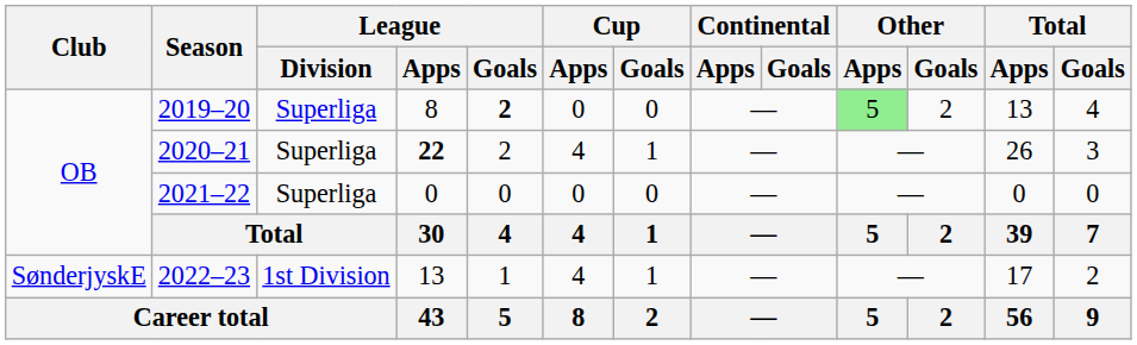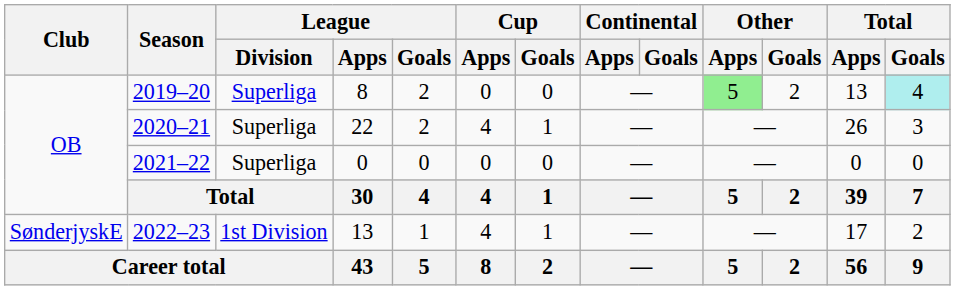 <table class="wikitable" style="text-align:center">
 <tr>
 <th rowspan="2">Club</th>
 <th rowspan="2">Season</th>
 <th colspan="3">League</th>
 <th colspan="2">Cup</th>
 <th colspan="2">Continental</th>
 <th colspan="2">Other</th>
 <th colspan="3">Total</th>
 </tr>
 <tr>
 <th>Division</th>
 <th>Apps</th>
 <th>Goals</th>
 <th>Apps</th>
 <th>Goals</th>
 <th>Apps</th>
 <th>Goals</th>
 <th>Apps</th>
 <th>Goals</th>
 <th>Apps</th>
 <th>Goals</th>
 </tr>
 <tr>
 <td rowspan="4"><a href='#'>OB</a></td>
 <td><a href='#'>2019–20</a></td>
 <td><a href='#'>Superliga</a></td>
 <td>8</td>
-<td><strong>2</strong></td>
+<td>2</td>
 <td>0</td>
 <td>0</td>
 <td colspan="2">—</td>
 <td style="background: lightgreen;">5</td>
 <td>2</td>
 <td>13</td>
-<td>4</td>
+<td style="background: paleturquoise;">4</td>
 </tr>
 <tr>
 <td><a href='#'>2020–21</a></td>
 <td>Superliga</td>
-<td><strong>22</strong></td>
+<td>22</td>
 <td>2</td>
 <td>4</td>
 <td>1</td>
 <td colspan="2">—</td>
 <td colspan="2">—</td>
 <td>26</td>
 <td>3</td>
 </tr>
 <tr>
 <td><a href='#'>2021–22</a></td>
 <td>Superliga</td>
 <td>0</td>
 <td>0</td>
 <td>0</td>
 <td>0</td>
 <td colspan="2">—</td>
 <td colspan="2">—</td>
 <td>0</td>
 <td>0</td>
 </tr>
 <tr>
 <th colspan="2">Total</th>
 <th>30</th>
 <th>4</th>
 <th>4</th>
 <th>1</th>
 <th colspan="2">—</th>
 <th>5</th>
 <th>2</th>
 <th>39</th>
 <th>7</th>
 </tr>
 <tr>
 <td><a href='#'>SønderjyskE</a></td>
 <td><a href='#'>2022–23</a></td>
 <td><a href='#'>1st Division</a></td>
 <td>13</td>
 <td>1</td>
 <td>4</td>
 <td>1</td>
 <td colspan="2">—</td>
 <td colspan="2">—</td>
 <td>17</td>
 <td>2</td>
 </tr>
 <tr>
 <th colspan="3">Career total</th>
 <th>43</th>
 <th>5</th>
 <th>8</th>
 <th>2</th>
 <th colspan="2">—</th>
 <th>5</th>
 <th>2</th>
 <th>56</th>
 <th>9</th>
 </tr>
 </table>
